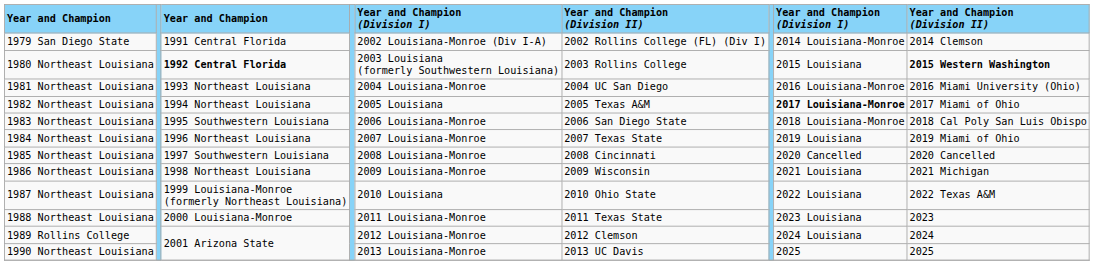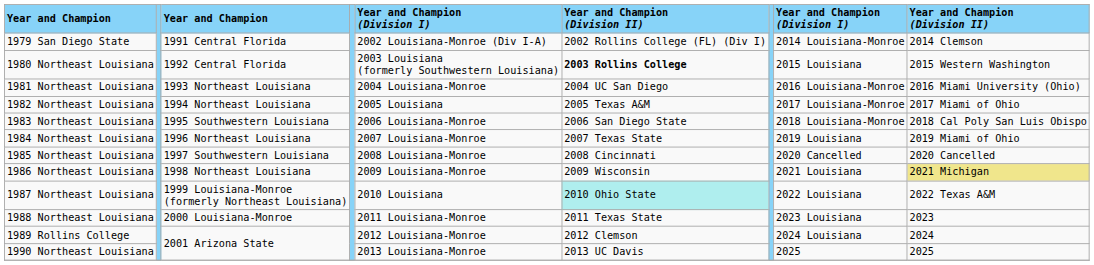 <table class="wikitable" style="font-size:85%;">
 <tr ! style="background-color: #87D3F8;">
 <td><strong>Year and Champion</strong></td>
 <td rowspan=13></td>
 <td><strong>Year and Champion</strong></td>
 <td rowspan=13></td>
 <td><strong>Year and Champion<br><em>(Division I)</em> </strong></td>
 <td><strong>Year and Champion<br><em>(Division II)</em> </strong></td>
 <td rowspan=13></td>
 <td><strong>Year and Champion<br><em>(Division I)</em> </strong></td>
 <td><strong>Year and Champion<br><em>(Division II)</em> </strong></td>
 </tr>
 <tr --->
 <td>1979 San Diego State</td>
 <td>1991 Central Florida</td>
 <td>2002 Louisiana-Monroe (Div I-A)</td>
 <td>2002 Rollins College (FL) (Div I)</td>
 <td>2014 Louisiana-Monroe</td>
 <td>2014 Clemson</td>
 </tr>
 <tr --->
 <td>1980 Northeast Louisiana</td>
-<td><strong>1992 Central Florida</strong></td>
+<td>1992 Central Florida</td>
 <td>2003 Louisiana<br>(formerly Southwestern Louisiana)</td>
-<td>2003 Rollins College</td>
+<td><strong>2003 Rollins College</strong></td>
 <td>2015 Louisiana</td>
-<td><strong>2015 Western Washington</strong></td>
+<td>2015 Western Washington</td>
 </tr>
 <tr --->
 <td>1981 Northeast Louisiana</td>
 <td>1993 Northeast Louisiana</td>
 <td>2004 Louisiana-Monroe</td>
 <td>2004 UC San Diego</td>
 <td>2016 Louisiana-Monroe</td>
 <td>2016 Miami University (Ohio)</td>
 </tr>
 <tr --->
 <td>1982 Northeast Louisiana</td>
 <td>1994 Northeast Louisiana</td>
 <td>2005 Louisiana</td>
 <td>2005 Texas A&M</td>
-<td><strong>2017 Louisiana-Monroe</strong></td>
+<td>2017 Louisiana-Monroe</td>
 <td>2017 Miami of Ohio</td>
 </tr>
 <tr --->
 <td>1983 Northeast Louisiana</td>
 <td>1995 Southwestern Louisiana</td>
 <td>2006 Louisiana-Monroe</td>
 <td>2006 San Diego State</td>
 <td>2018 Louisiana-Monroe</td>
 <td>2018 Cal Poly San Luis Obispo</td>
 </tr>
 <tr --->
 <td>1984 Northeast Louisiana</td>
 <td>1996 Northeast Louisiana</td>
 <td>2007 Louisiana-Monroe</td>
 <td>2007 Texas State</td>
 <td>2019 Louisiana</td>
 <td>2019 Miami of Ohio</td>
 </tr>
 <tr --->
 <td>1985 Northeast Louisiana</td>
 <td>1997 Southwestern Louisiana</td>
 <td>2008 Louisiana-Monroe</td>
 <td>2008 Cincinnati</td>
 <td>2020 Cancelled</td>
 <td>2020 Cancelled</td>
 </tr>
 <tr --->
 <td>1986 Northeast Louisiana</td>
 <td>1998 Northeast Louisiana</td>
 <td>2009 Louisiana-Monroe</td>
 <td>2009 Wisconsin</td>
 <td>2021 Louisiana</td>
-<td>2021 Michigan</td>
+<td style="background: khaki;">2021 Michigan</td>
 </tr>
 <tr --->
 <td>1987 Northeast Louisiana</td>
 <td>1999 Louisiana-Monroe<br>(formerly Northeast Louisiana)</td>
 <td>2010 Louisiana</td>
-<td>2010 Ohio State</td>
+<td style="background: paleturquoise;">2010 Ohio State</td>
 <td>2022 Louisiana</td>
 <td>2022 Texas A&M</td>
 </tr>
 <tr --->
 <td>1988 Northeast Louisiana</td>
 <td>2000 Louisiana-Monroe</td>
 <td>2011 Louisiana-Monroe</td>
 <td>2011 Texas State</td>
 <td>2023 Louisiana</td>
 <td>2023</td>
 </tr>
 <tr --->
 <td>1989 Rollins College</td>
 <td rowspan=2>2001 Arizona State</td>
 <td>2012 Louisiana-Monroe</td>
 <td>2012 Clemson</td>
 <td>2024 Louisiana</td>
 <td>2024</td>
 </tr>
 <tr --->
 <td>1990 Northeast Louisiana</td>
 <td>2013 Louisiana-Monroe</td>
 <td>2013 UC Davis</td>
 <td>2025</td>
 <td>2025</td>
 </tr>
 <tr --->
 </tr>
 </table>
